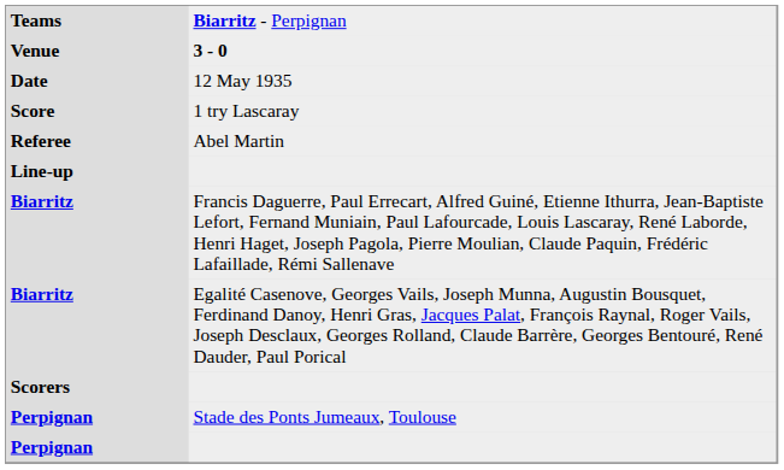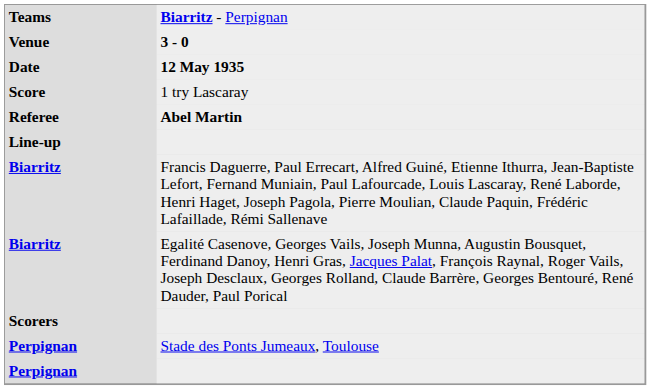 <table align="left" cellpadding="4" cellspacing="0"  style="margin: 0 0 0 0; border: 1px solid #999; border-right-width: 2px; border-bottom-width: 2px; background-color: #DDDDDD">
 <tr>
 <td width="150" valign="top"><strong>Teams</strong></td>
 <td width="500" bgcolor=#EEEEEE><strong><a href='#'>Biarritz</a> </strong> - <a href='#'>Perpignan</a></td>
 </tr>
 <tr>
 <td valign="top"><strong>Venue</strong></td>
 <td bgcolor=#EEEEEE><strong>3 - 0</strong></td>
 </tr>
 <tr>
 <td valign="top"><strong>Date</strong></td>
-<td bgcolor=#EEEEEE>12 May 1935</td>
+<td bgcolor=#EEEEEE><strong>12 May 1935</strong></td>
 </tr>
 <tr>
 <td valign="top"><strong>Score</strong></td>
 <td bgcolor=#EEEEEE>1 try Lascaray</td>
 </tr>
 <tr>
 <td valign="top"><strong>Referee</strong></td>
-<td bgcolor=#EEEEEE>Abel Martin</td>
+<td bgcolor=#EEEEEE><strong>Abel Martin</strong></td>
 </tr>
 <tr>
 <td valign="top"><strong>Line-up</strong></td>
 <td bgcolor=#EEEEEE></td>
 </tr>
 <tr>
 <td valign="top"><strong><a href='#'>Biarritz</a>  </strong></td>
 <td bgcolor=#EEEEEE>Francis Daguerre, Paul Errecart, Alfred Guiné, Etienne Ithurra, Jean-Baptiste Lefort, Fernand Muniain, Paul Lafourcade, Louis Lascaray, René Laborde, Henri Haget, Joseph Pagola, Pierre Moulian, Claude Paquin, Frédéric Lafaillade, Rémi Sallenave</td>
 </tr>
 <tr>
 <td valign="top"><strong><a href='#'>Biarritz</a>   </strong></td>
 <td bgcolor=#EEEEEE>Egalité Casenove, Georges Vails, Joseph Munna, Augustin Bousquet, Ferdinand Danoy, Henri Gras, <a href='#'>Jacques Palat</a>, François Raynal, Roger Vails, Joseph Desclaux, Georges Rolland, Claude Barrère, Georges Bentouré, René Dauder, Paul Porical</td>
 </tr>
 <tr>
 <td valign="top"><strong>Scorers</strong></td>
 <td bgcolor=#EEEEEE></td>
 </tr>
 <tr>
 <td valign="top"><strong><a href='#'>Perpignan</a>  </strong></td>
 <td bgcolor=#EEEEEE><a href='#'>Stade des Ponts Jumeaux</a>, <a href='#'>Toulouse</a></td>
 </tr>
 <tr>
 <td valign="top"><strong><a href='#'>Perpignan</a>  </strong></td>
 <td bgcolor=#EEEEEE></td>
 </tr>
 </table>
